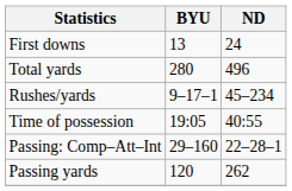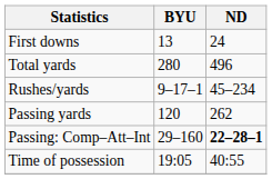 <table class="wikitable" style="float: left;">
 <tr>
 <th>Statistics</th>
 <th>BYU</th>
 <th>ND</th>
 </tr>
 <tr>
 <td>First downs</td>
 <td>13</td>
 <td>24</td>
 </tr>
 <tr>
 <td>Total yards</td>
 <td>280</td>
 <td>496</td>
 </tr>
 <tr>
 <td>Rushes/yards</td>
 <td>9–17–1</td>
 <td>45–234</td>
 </tr>
 <tr>
+<td>Passing yards</td>
+<td>120</td>
+<td>262</td>
+</tr>
+<tr>
+<td>Passing: Comp–Att–Int</td>
+<td>29–160</td>
+<td><strong>22–28–1</strong></td>
+</tr>
+<tr>
 <td>Time of possession</td>
 <td>19:05</td>
 <td>40:55</td>
 </tr>
 <tr>
-<td>Passing: Comp–Att–Int</td>
-<td>29–160</td>
-<td>22–28–1</td>
-</tr>
-<tr>
-<td>Passing yards</td>
-<td>120</td>
-<td>262</td>
-</tr>
-<tr>
 </tr>
 </table>
